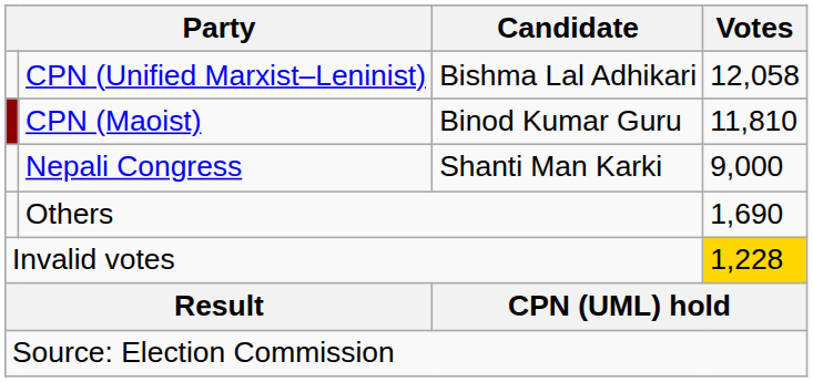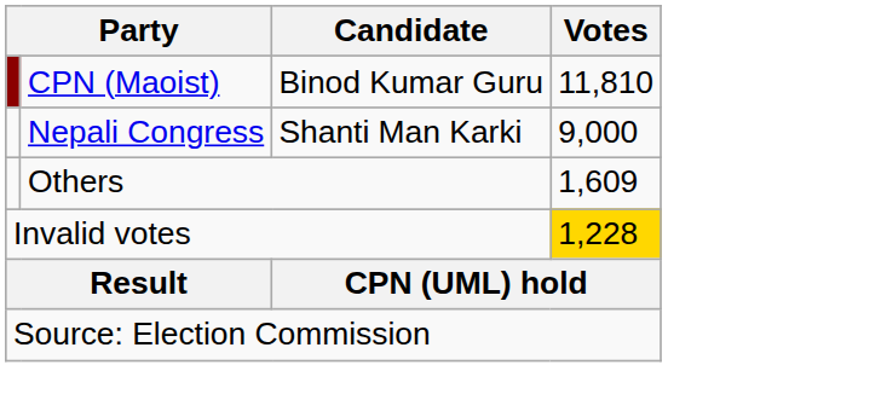 <table class="wikitable">
 <tr>
 <th colspan="2">Party</th>
 <th>Candidate</th>
 <th>Votes</th>
-</tr>
-<tr>
-<td style="background-color:"></td>
-<td><a href='#'>CPN (Unified Marxist–Leninist)</a></td>
-<td>Bishma Lal Adhikari</td>
-<td>12,058</td>
 </tr>
 <tr>
 <td style="background-color:darkred"></td>
 <td><a href='#'>CPN (Maoist)</a></td>
 <td>Binod Kumar Guru</td>
 <td>11,810</td>
 </tr>
 <tr>
 <td style="background-color:"></td>
 <td><a href='#'>Nepali Congress</a></td>
 <td>Shanti Man Karki</td>
 <td>9,000</td>
 </tr>
 <tr>
 <td></td>
 <td colspan="2">Others</td>
-<td>1,690</td>
+<td>1,609</td>
 </tr>
 <tr>
 <td colspan="3">Invalid votes</td>
 <td style="background: gold;">1,228</td>
 </tr>
 <tr>
 <th colspan="2">Result</th>
 <th colspan="2">CPN (UML) hold</th>
 </tr>
 <tr>
 <td colspan="4">Source: Election Commission</td>
 </tr>
 </table>
